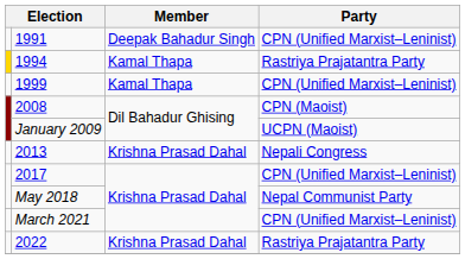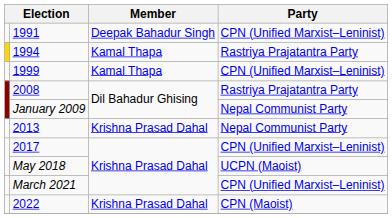 <table class="wikitable">
 <tr>
 <th colspan="2">Election</th>
 <th>Member</th>
 <th>Party</th>
 </tr>
 <tr>
 <td style="background-color:"></td>
 <td><a href='#'>1991</a></td>
 <td><a href='#'>Deepak Bahadur Singh</a></td>
 <td><a href='#'>CPN (Unified Marxist–Leninist)</a></td>
 </tr>
 <tr>
 <td style="background-color:gold"></td>
 <td><a href='#'>1994</a></td>
 <td><a href='#'>Kamal Thapa</a></td>
 <td><a href='#'>Rastriya Prajatantra Party</a></td>
 </tr>
 <tr>
 <td style="background-color:"></td>
 <td><a href='#'>1999</a></td>
 <td><a href='#'>Kamal Thapa</a></td>
 <td><a href='#'>CPN (Unified Marxist–Leninist)</a></td>
 </tr>
 <tr>
 <td rowspan="2" style="background-color:darkred"></td>
 <td><a href='#'>2008</a></td>
 <td rowspan="2">Dil Bahadur Ghising</td>
-<td><a href='#'>CPN (Maoist)</a></td>
+<td><a href='#'>Rastriya Prajatantra Party</a></td>
 </tr>
 <tr>
 <td><em>January 2009</em></td>
-<td><a href='#'>UCPN (Maoist)</a></td>
+<td><a href='#'>Nepal Communist Party</a></td>
 </tr>
 <tr>
 <td style="background-color:"></td>
 <td><a href='#'>2013</a></td>
 <td><a href='#'>Krishna Prasad Dahal</a></td>
-<td><a href='#'>Nepali Congress</a></td>
+<td><a href='#'>Nepal Communist Party</a></td>
 </tr>
 <tr>
 <td rowspan="2" style="background-color:"></td>
 <td><a href='#'>2017</a></td>
 <td rowspan="3"><a href='#'>Krishna Prasad Dahal</a></td>
 <td><a href='#'>CPN (Unified Marxist–Leninist)</a></td>
 </tr>
 <tr>
 <td><em>May 2018</em></td>
-<td><a href='#'>Nepal Communist Party</a></td>
+<td><a href='#'>UCPN (Maoist)</a></td>
 </tr>
 <tr>
 <td></td>
 <td><em>March 2021</em></td>
 <td><a href='#'>CPN (Unified Marxist–Leninist)</a></td>
 </tr>
 <tr>
 <td></td>
 <td><a href='#'>2022</a></td>
 <td><a href='#'>Krishna Prasad Dahal</a></td>
-<td><a href='#'>Rastriya Prajatantra Party</a></td>
+<td><a href='#'>CPN (Maoist)</a></td>
 </tr>
 <tr>
 </tr>
 </table>
